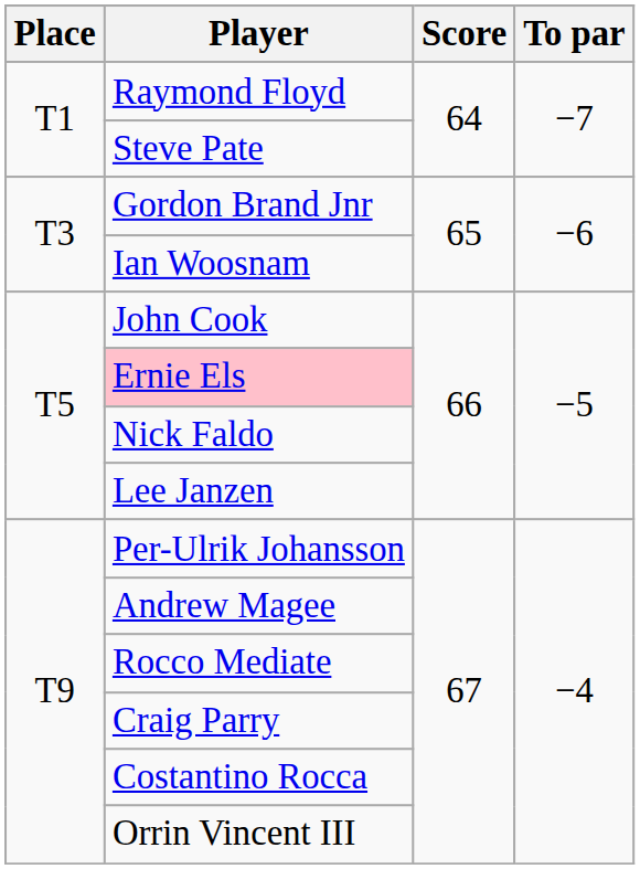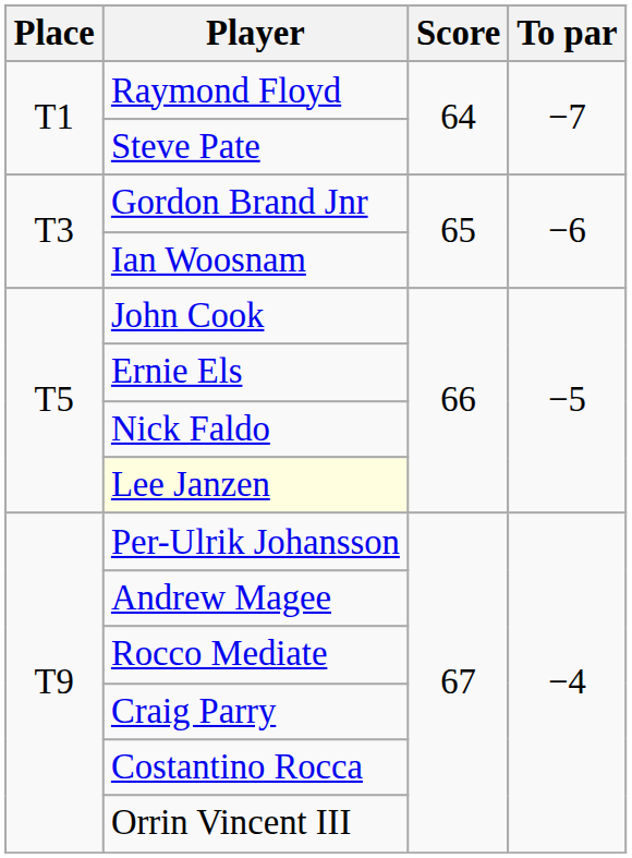 <table class="wikitable">
 <tr>
 <th>Place</th>
 <th>Player</th>
 <th>Score</th>
 <th>To par</th>
 </tr>
 <tr>
 <td rowspan="2" align=center>T1</td>
 <td> <a href='#'>Raymond Floyd</a></td>
 <td rowspan="2" align=center>64</td>
 <td rowspan="2" align=center>−7</td>
 </tr>
 <tr>
 <td> <a href='#'>Steve Pate</a></td>
 </tr>
 <tr>
 <td rowspan="2" align=center>T3</td>
 <td> <a href='#'>Gordon Brand Jnr</a></td>
 <td rowspan="2" align=center>65</td>
 <td rowspan="2" align=center>−6</td>
 </tr>
 <tr>
 <td> <a href='#'>Ian Woosnam</a></td>
 </tr>
 <tr>
 <td rowspan="4" align=center>T5</td>
 <td> <a href='#'>John Cook</a></td>
 <td rowspan="4" align=center>66</td>
 <td rowspan="4" align=center>−5</td>
 </tr>
 <tr>
-<td style="background: pink;"> <a href='#'>Ernie Els</a></td>
+<td> <a href='#'>Ernie Els</a></td>
 </tr>
 <tr>
 <td> <a href='#'>Nick Faldo</a></td>
 </tr>
 <tr>
-<td> <a href='#'>Lee Janzen</a></td>
+<td style="background: lightyellow;"> <a href='#'>Lee Janzen</a></td>
 </tr>
 <tr>
 <td rowspan="6" align=center>T9</td>
 <td> <a href='#'>Per-Ulrik Johansson</a></td>
 <td rowspan="6" align=center>67</td>
 <td rowspan="6" align=center>−4</td>
 </tr>
 <tr>
 <td> <a href='#'>Andrew Magee</a></td>
 </tr>
 <tr>
 <td> <a href='#'>Rocco Mediate</a></td>
 </tr>
 <tr>
 <td> <a href='#'>Craig Parry</a></td>
 </tr>
 <tr>
 <td> <a href='#'>Costantino Rocca</a></td>
 </tr>
 <tr>
 <td> Orrin Vincent III</td>
 </tr>
 </table>
